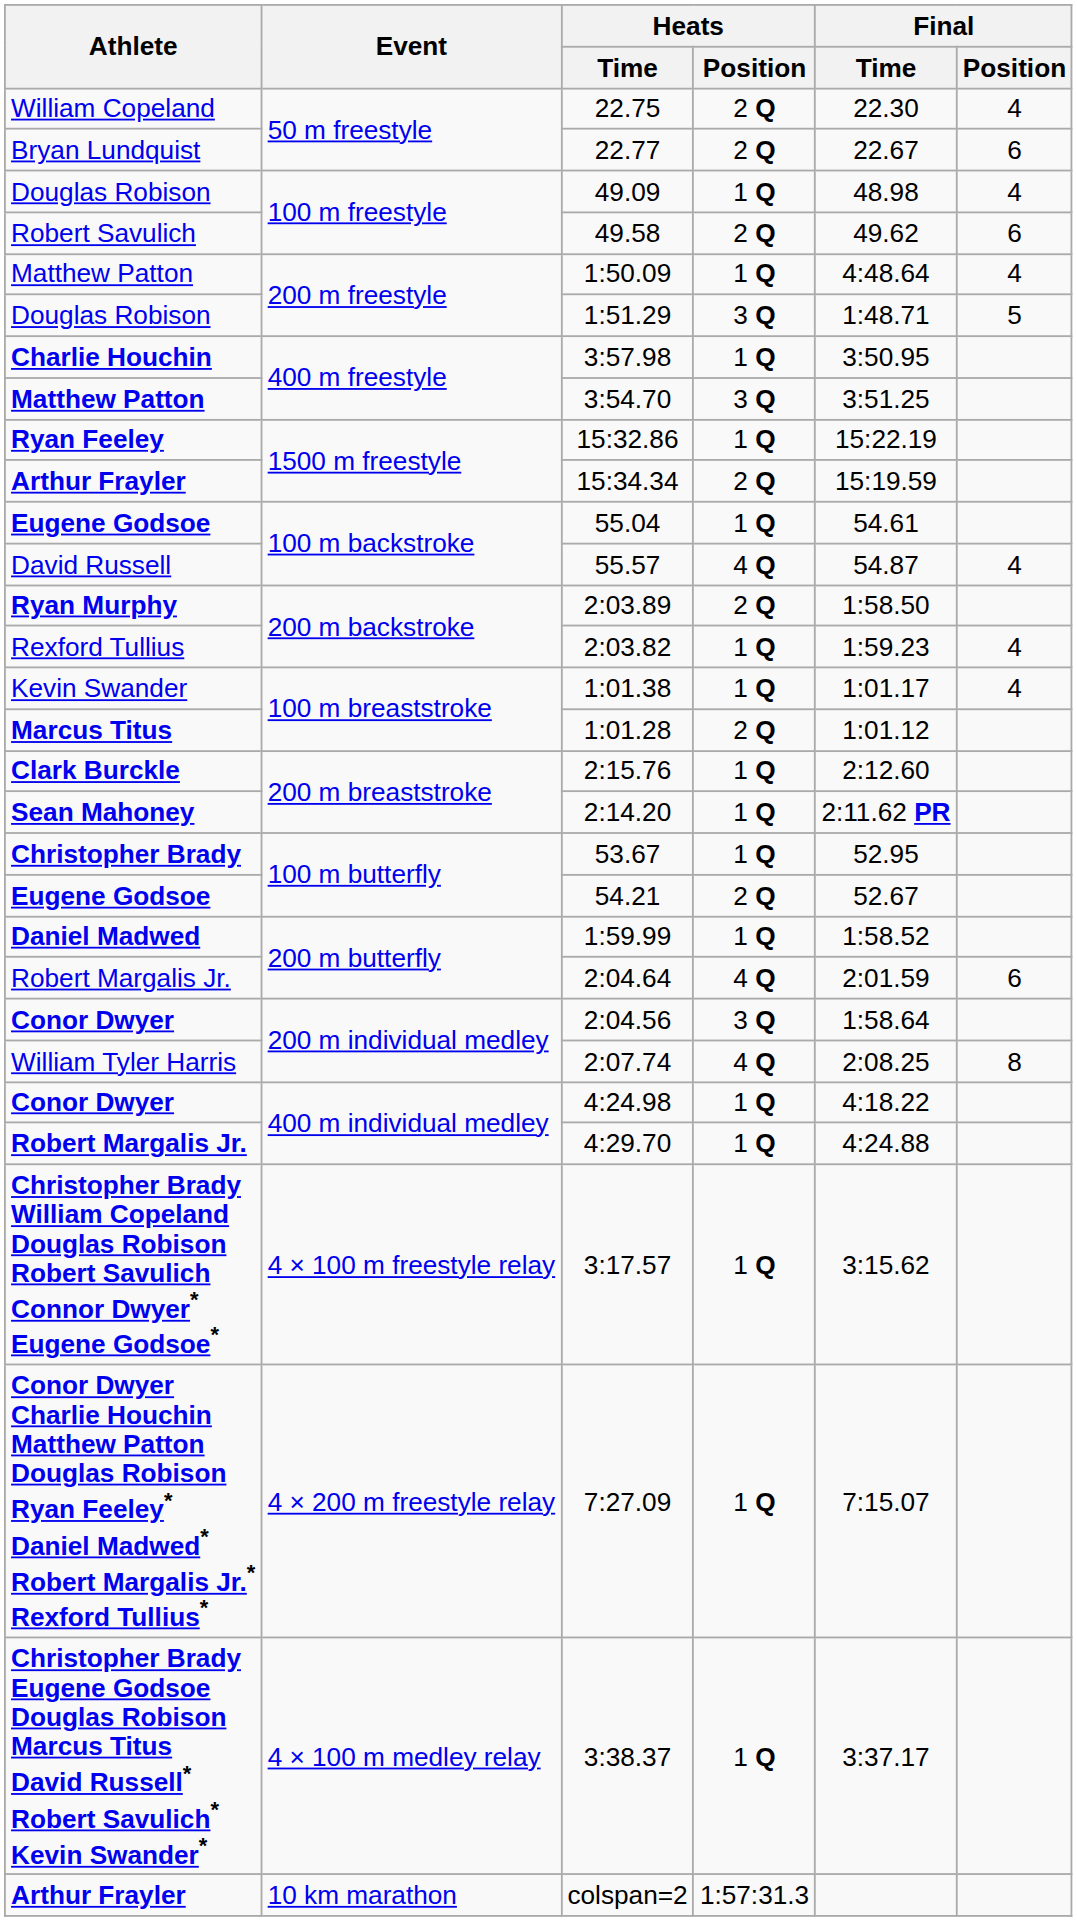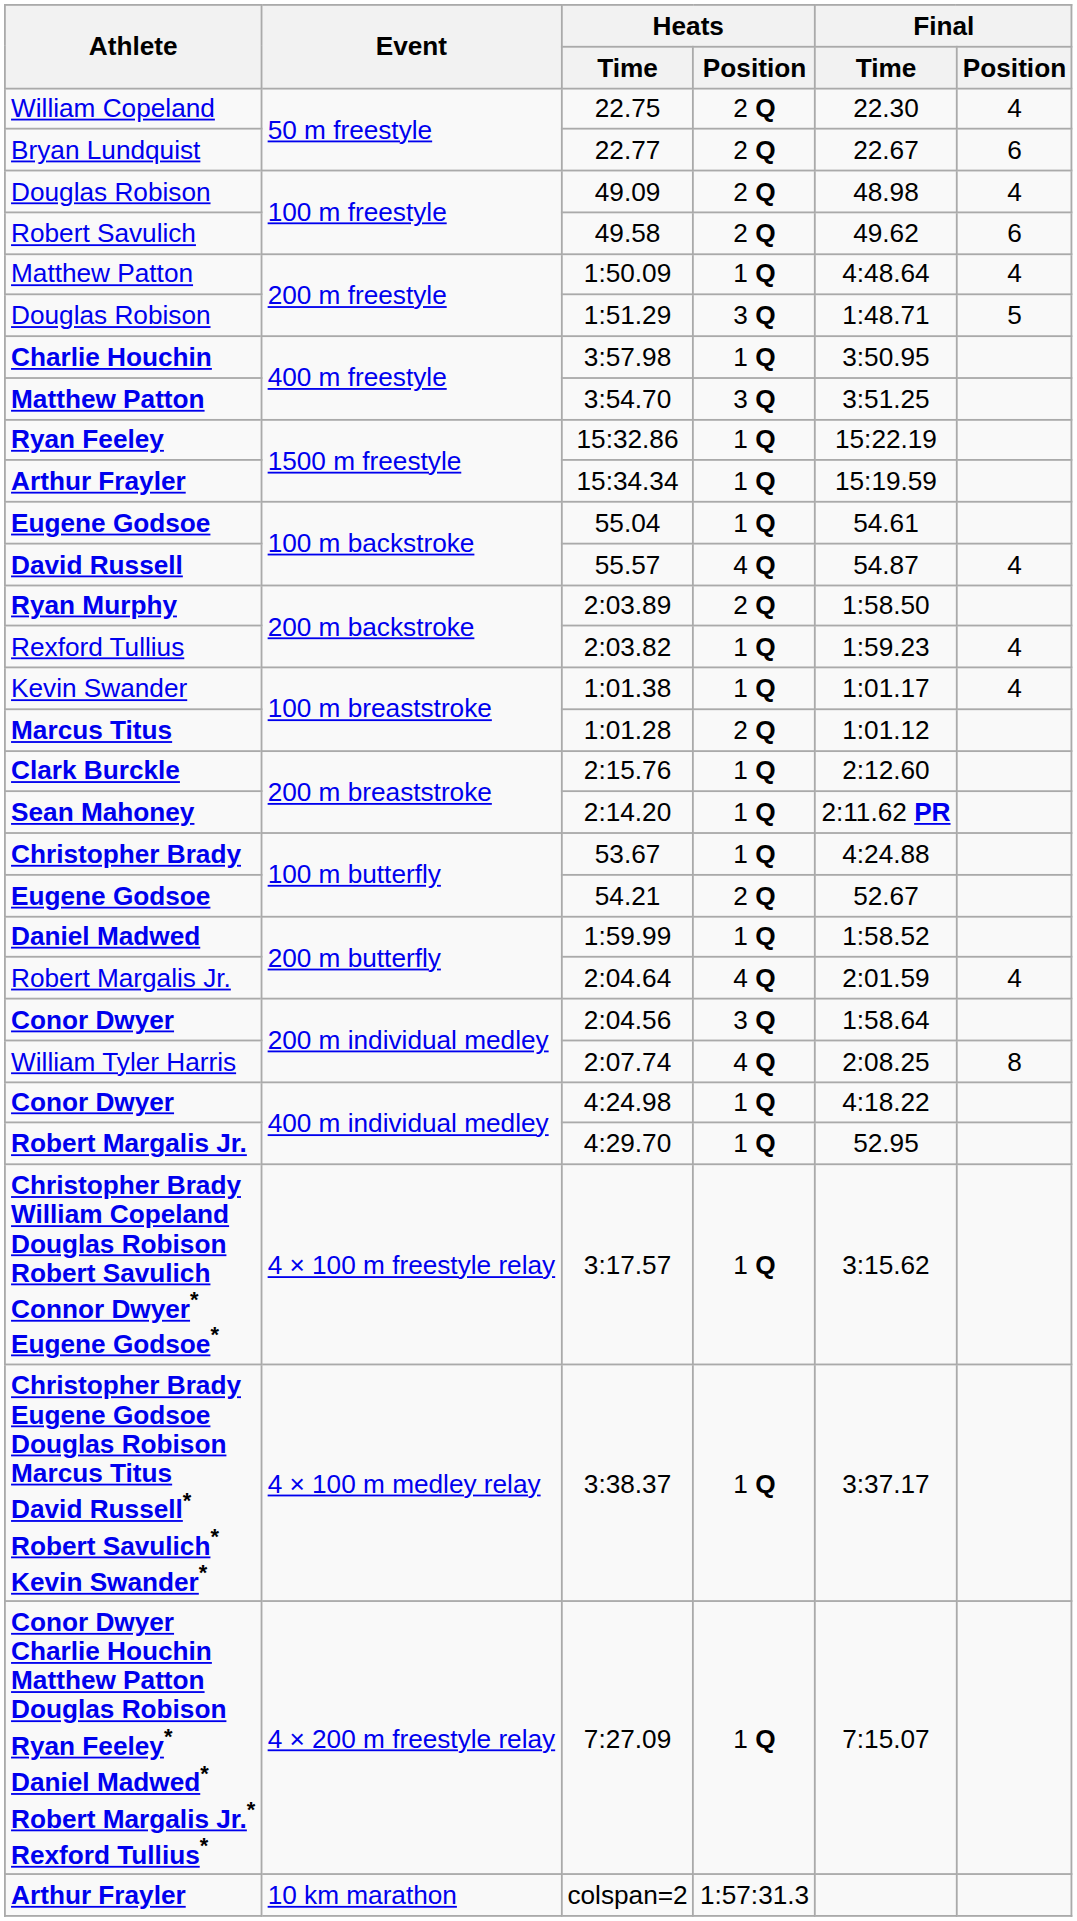 <table class="wikitable" style="font-size:90%">
 <tr>
 <th rowspan=2>Athlete</th>
 <th rowspan=2>Event</th>
 <th colspan=2>Heats</th>
 <th colspan=2>Final</th>
 </tr>
 <tr>
 <th>Time</th>
 <th>Position</th>
 <th>Time</th>
 <th>Position</th>
 </tr>
 <tr align=center>
 <td align=left><a href='#'>William Copeland</a></td>
 <td align=left rowspan=2><a href='#'>50 m freestyle</a></td>
 <td>22.75</td>
 <td>2 <strong>Q</strong></td>
 <td>22.30</td>
 <td>4</td>
 </tr>
 <tr align=center>
 <td align=left><a href='#'>Bryan Lundquist</a></td>
 <td>22.77</td>
 <td>2 <strong>Q</strong></td>
 <td>22.67</td>
 <td>6</td>
 </tr>
 <tr align=center>
 <td align=left><a href='#'>Douglas Robison</a></td>
 <td align=left rowspan=2><a href='#'>100 m freestyle</a></td>
 <td>49.09</td>
-<td>1 <strong>Q</strong></td>
+<td>2 <strong>Q</strong></td>
 <td>48.98</td>
 <td>4</td>
 </tr>
 <tr align=center>
 <td align=left><a href='#'>Robert Savulich</a></td>
 <td>49.58</td>
 <td>2 <strong>Q</strong></td>
 <td>49.62</td>
 <td>6</td>
 </tr>
 <tr align=center>
 <td align=left><a href='#'>Matthew Patton</a></td>
 <td align=left rowspan=2><a href='#'>200 m freestyle</a></td>
 <td>1:50.09</td>
 <td>1 <strong>Q</strong></td>
 <td>4:48.64</td>
 <td>4</td>
 </tr>
 <tr align=center>
 <td align=left><a href='#'>Douglas Robison</a></td>
 <td>1:51.29</td>
 <td>3 <strong>Q</strong></td>
 <td>1:48.71</td>
 <td>5</td>
 </tr>
 <tr align=center>
 <td align=left><strong><a href='#'>Charlie Houchin</a></strong></td>
 <td align=left rowspan=2><a href='#'>400 m freestyle</a></td>
 <td>3:57.98</td>
 <td>1 <strong>Q</strong></td>
 <td>3:50.95</td>
 <td></td>
 </tr>
 <tr align=center>
 <td align=left><strong><a href='#'>Matthew Patton</a></strong></td>
 <td>3:54.70</td>
 <td>3 <strong>Q</strong></td>
 <td>3:51.25</td>
 <td></td>
 </tr>
 <tr align=center>
 <td align=left><strong><a href='#'>Ryan Feeley</a></strong></td>
 <td align=left rowspan=2><a href='#'>1500 m freestyle</a></td>
 <td>15:32.86</td>
 <td>1 <strong>Q</strong></td>
 <td>15:22.19</td>
 <td></td>
 </tr>
 <tr align=center>
 <td align=left><strong><a href='#'>Arthur Frayler</a></strong></td>
 <td>15:34.34</td>
-<td>2 <strong>Q</strong></td>
+<td>1 <strong>Q</strong></td>
 <td>15:19.59</td>
 <td></td>
 </tr>
 <tr align=center>
 <td align=left><strong><a href='#'>Eugene Godsoe</a></strong></td>
 <td align=left rowspan=2><a href='#'>100 m backstroke</a></td>
 <td>55.04</td>
 <td>1 <strong>Q</strong></td>
 <td>54.61</td>
 <td></td>
 </tr>
 <tr align=center>
-<td align=left><a href='#'>David Russell</a></td>
+<td align=left><strong><a href='#'>David Russell</a></strong></td>
 <td>55.57</td>
 <td>4 <strong>Q</strong></td>
 <td>54.87</td>
 <td>4</td>
 </tr>
 <tr align=center>
 <td align=left><strong><a href='#'>Ryan Murphy</a></strong></td>
 <td align=left rowspan=2><a href='#'>200 m backstroke</a></td>
 <td>2:03.89</td>
 <td>2 <strong>Q</strong></td>
 <td>1:58.50</td>
 <td></td>
 </tr>
 <tr align=center>
 <td align=left><a href='#'>Rexford Tullius</a></td>
 <td>2:03.82</td>
 <td>1 <strong>Q</strong></td>
 <td>1:59.23</td>
 <td>4</td>
 </tr>
 <tr align=center>
 <td align=left><a href='#'>Kevin Swander</a></td>
 <td align=left rowspan=2><a href='#'>100 m breaststroke</a></td>
 <td>1:01.38</td>
 <td>1 <strong>Q</strong></td>
 <td>1:01.17</td>
 <td>4</td>
 </tr>
 <tr align=center>
 <td align=left><strong><a href='#'>Marcus Titus</a></strong></td>
 <td>1:01.28</td>
 <td>2 <strong>Q</strong></td>
 <td>1:01.12</td>
 <td></td>
 </tr>
 <tr align=center>
 <td align=left><strong><a href='#'>Clark Burckle</a></strong></td>
 <td align=left rowspan=2><a href='#'>200 m breaststroke</a></td>
 <td>2:15.76</td>
 <td>1 <strong>Q</strong></td>
 <td>2:12.60</td>
 <td></td>
 </tr>
 <tr align=center>
 <td align=left><strong><a href='#'>Sean Mahoney</a></strong></td>
 <td>2:14.20</td>
 <td>1 <strong>Q</strong></td>
 <td>2:11.62 <strong><a href='#'>PR</a></strong></td>
 <td></td>
 </tr>
 <tr align=center>
 <td align=left><strong><a href='#'>Christopher Brady</a></strong></td>
 <td align=left rowspan=2><a href='#'>100 m butterfly</a></td>
 <td>53.67</td>
 <td>1 <strong>Q</strong></td>
-<td>52.95</td>
+<td>4:24.88</td>
 <td></td>
 </tr>
 <tr align=center>
 <td align=left><strong><a href='#'>Eugene Godsoe</a></strong></td>
 <td>54.21</td>
 <td>2 <strong>Q</strong></td>
 <td>52.67</td>
 <td></td>
 </tr>
 <tr align=center>
 <td align=left><strong><a href='#'>Daniel Madwed</a></strong></td>
 <td align=left rowspan=2><a href='#'>200 m butterfly</a></td>
 <td>1:59.99</td>
 <td>1 <strong>Q</strong></td>
 <td>1:58.52</td>
 <td></td>
 </tr>
 <tr align=center>
 <td align=left><a href='#'>Robert Margalis Jr.</a></td>
 <td>2:04.64</td>
 <td>4 <strong>Q</strong></td>
 <td>2:01.59</td>
-<td>6</td>
+<td>4</td>
 </tr>
 <tr align=center>
 <td align=left><strong><a href='#'>Conor Dwyer</a></strong></td>
 <td align=left rowspan=2><a href='#'>200 m individual medley</a></td>
 <td>2:04.56</td>
 <td>3 <strong>Q</strong></td>
 <td>1:58.64</td>
 <td></td>
 </tr>
 <tr align=center>
 <td align=left><a href='#'>William Tyler Harris</a></td>
 <td>2:07.74</td>
 <td>4 <strong>Q</strong></td>
 <td>2:08.25</td>
 <td>8</td>
 </tr>
 <tr align=center>
 <td align=left><strong><a href='#'>Conor Dwyer</a></strong></td>
 <td align=left rowspan=2><a href='#'>400 m individual medley</a></td>
 <td>4:24.98</td>
 <td>1 <strong>Q</strong></td>
 <td>4:18.22</td>
 <td></td>
 </tr>
 <tr align=center>
 <td align=left><strong><a href='#'>Robert Margalis Jr.</a></strong></td>
 <td>4:29.70</td>
 <td>1 <strong>Q</strong></td>
-<td>4:24.88</td>
+<td>52.95</td>
 <td></td>
 </tr>
 <tr align=center>
 <td align=left><strong><a href='#'>Christopher Brady</a><br><a href='#'>William Copeland</a><br><a href='#'>Douglas Robison</a><br><a href='#'>Robert Savulich</a><br><a href='#'>Connor Dwyer</a><sup>*</sup><br><a href='#'>Eugene Godsoe</a><sup>*</sup></strong></td>
 <td align=left><a href='#'>4 × 100 m freestyle relay</a></td>
 <td>3:17.57</td>
 <td>1 <strong>Q</strong></td>
 <td>3:15.62</td>
 <td></td>
 </tr>
 <tr align=center>
+<td align=left><strong><a href='#'>Christopher Brady</a><br><a href='#'>Eugene Godsoe</a><br><a href='#'>Douglas Robison</a><br><a href='#'>Marcus Titus</a><br><a href='#'>David Russell</a><sup>*</sup><br><a href='#'>Robert Savulich</a><sup>*</sup><br><a href='#'>Kevin Swander</a><sup>*</sup></strong></td>
+<td align=left><a href='#'>4 × 100 m medley relay</a></td>
+<td>3:38.37</td>
+<td>1 <strong>Q</strong></td>
+<td>3:37.17</td>
+<td></td>
+</tr>
+<tr align=center>
 <td align=left><strong><a href='#'>Conor Dwyer</a><br><a href='#'>Charlie Houchin</a><br><a href='#'>Matthew Patton</a><br><a href='#'>Douglas Robison</a><br><a href='#'>Ryan Feeley</a><sup>*</sup><br><a href='#'>Daniel Madwed</a><sup>*</sup><br><a href='#'>Robert Margalis Jr.</a><sup>*</sup><br><a href='#'>Rexford Tullius</a><sup>*</sup></strong></td>
 <td align=left><a href='#'>4 × 200 m freestyle relay</a></td>
 <td>7:27.09</td>
 <td>1 <strong>Q</strong></td>
 <td>7:15.07</td>
-<td></td>
-</tr>
-<tr align=center>
-<td align=left><strong><a href='#'>Christopher Brady</a><br><a href='#'>Eugene Godsoe</a><br><a href='#'>Douglas Robison</a><br><a href='#'>Marcus Titus</a><br><a href='#'>David Russell</a><sup>*</sup><br><a href='#'>Robert Savulich</a><sup>*</sup><br><a href='#'>Kevin Swander</a><sup>*</sup></strong></td>
-<td align=left><a href='#'>4 × 100 m medley relay</a></td>
-<td>3:38.37</td>
-<td>1 <strong>Q</strong></td>
-<td>3:37.17</td>
 <td></td>
 </tr>
 <tr align=center>
 <td align=left><strong><a href='#'>Arthur Frayler</a></strong></td>
 <td align=left><a href='#'>10 km marathon</a></td>
 <td>colspan=2 </td>
 <td>1:57:31.3</td>
 <td></td>
 </tr>
 </table>
